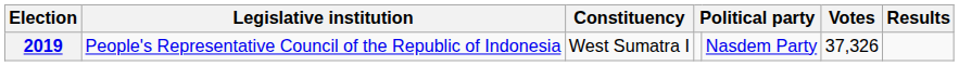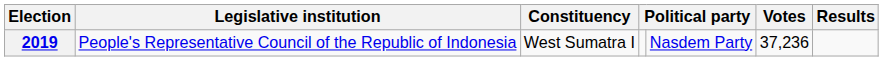 <table class="wikitable">
 <tr>
 <th>Election</th>
 <th><strong>Legislative institution</strong></th>
 <th>Constituency</th>
 <th colspan="2">Political party</th>
 <th>Votes</th>
 <th>Results</th>
 </tr>
 <tr>
 <th><strong><a href='#'>2019</a></strong></th>
 <td rowspan="3"><a href='#'>People's Representative Council of the Republic of Indonesia</a></td>
 <td rowspan="3">West Sumatra I</td>
 <td style="background:"></td>
 <td rowspan="3"><a href='#'>Nasdem Party</a></td>
-<td>37,326</td>
+<td>37,236</td>
 <td></td>
 </tr>
 </table>
